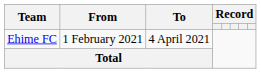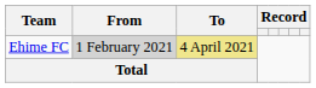 <table class=wikitable style="text-align:center">
 <tr>
 <th rowspan=2>Team</th>
 <th rowspan=2>From</th>
 <th rowspan=2>To</th>
 <th colspan=5>Record</th>
 </tr>
 <tr>
 <th></th>
 <th></th>
 <th></th>
 <th></th>
 <th></th>
 </tr>
 <tr>
 <td align=left><a href='#'>Ehime FC</a></td>
-<td align=left>1 February 2021</td>
-<td align=left>4 April 2021<br></td>
+<td align=left style="background: lightgrey;">1 February 2021</td>
+<td align=left style="background: khaki;">4 April 2021<br></td>
 </tr>
 <tr>
 <th colspan=3>Total<br></th>
 </tr>
 </table>
